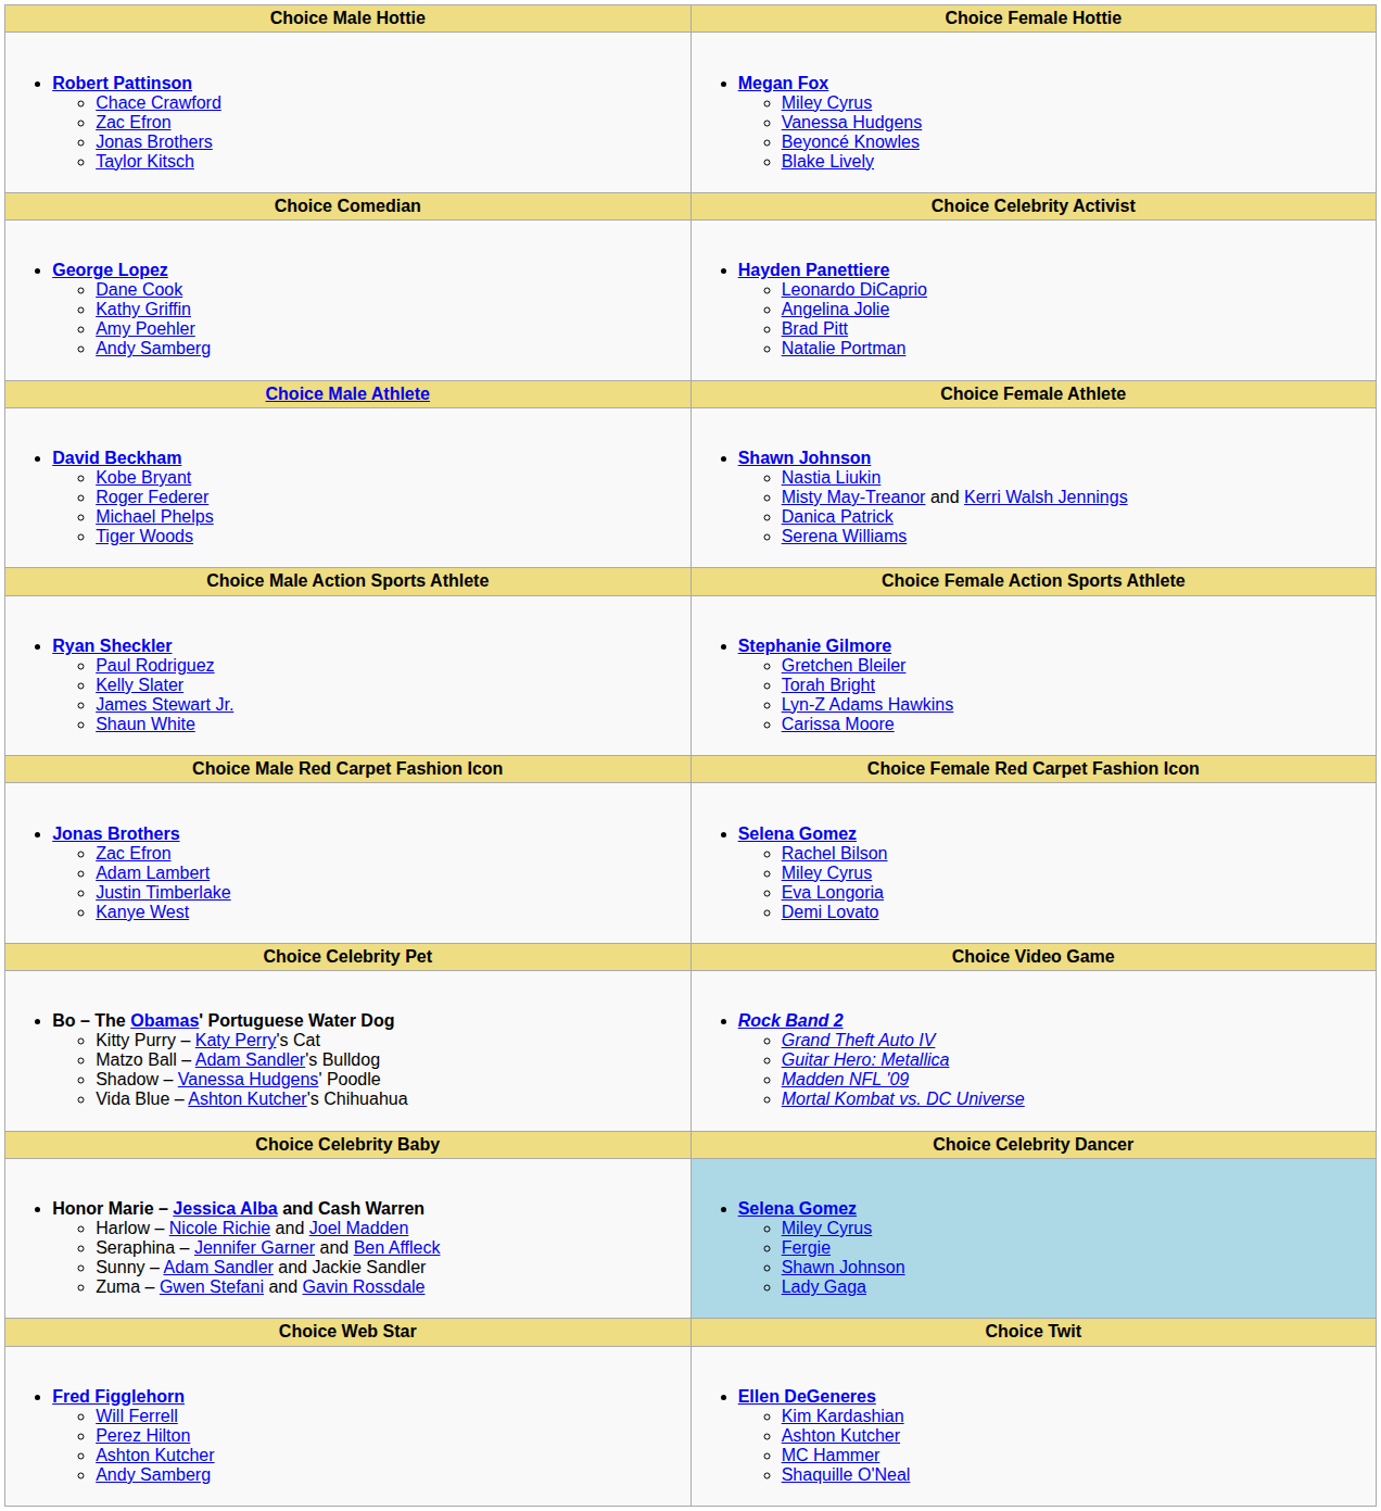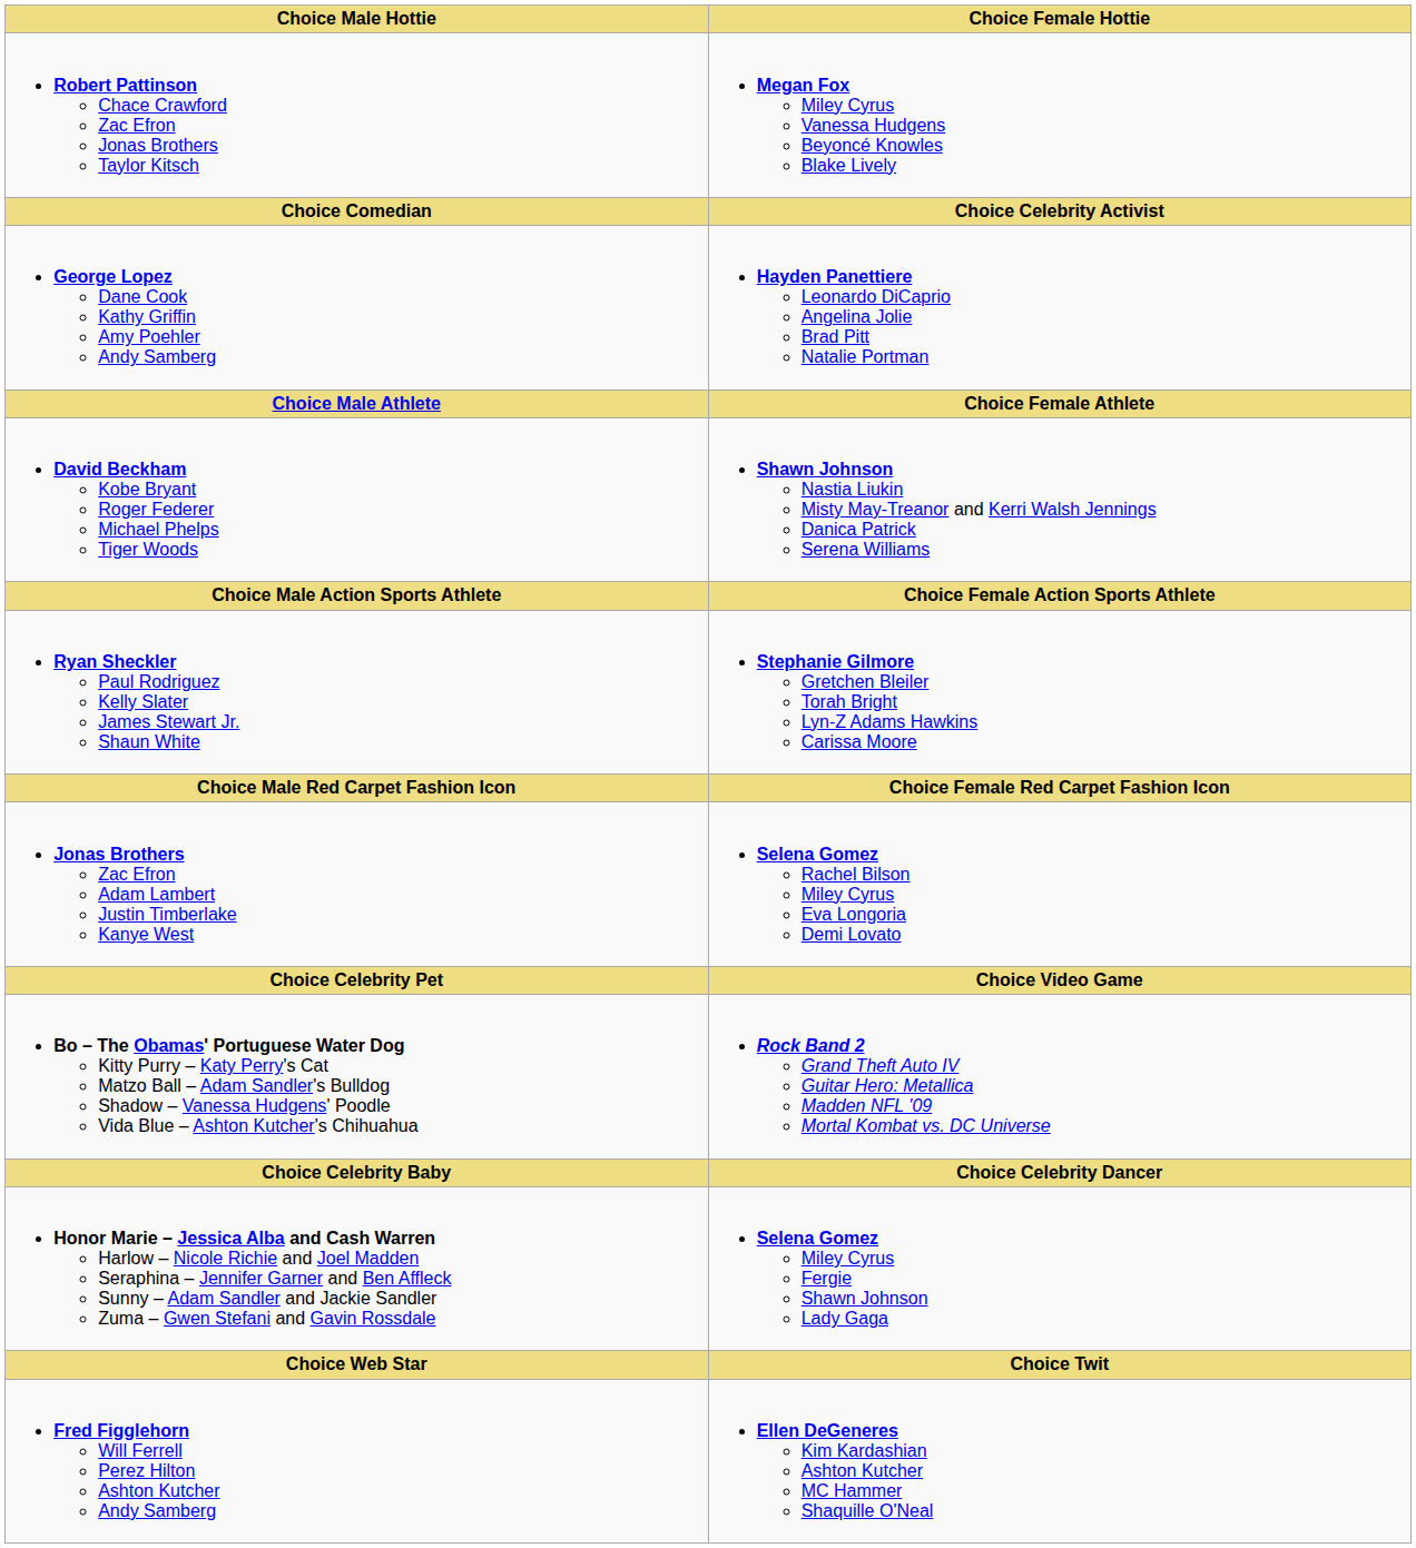 <table class="wikitable" style="width:100%">
 <tr>
 <th style="background:#EEDD82; width:50%">Choice Male Hottie</th>
 <th style="background:#EEDD82; width:50%">Choice Female Hottie</th>
 </tr>
 <tr>
 <td valign="top"><br><ul><li><strong><a href='#'>Robert Pattinson</a></strong><ul><li><a href='#'>Chace Crawford</a></li><li><a href='#'>Zac Efron</a></li><li><a href='#'>Jonas Brothers</a></li><li><a href='#'>Taylor Kitsch</a></li></ul></li></ul></td>
 <td valign="top"><br><ul><li><strong><a href='#'>Megan Fox</a></strong><ul><li><a href='#'>Miley Cyrus</a></li><li><a href='#'>Vanessa Hudgens</a></li><li><a href='#'>Beyoncé Knowles</a></li><li><a href='#'>Blake Lively</a></li></ul></li></ul></td>
 </tr>
 <tr>
 <th style="background:#EEDD82; width:50%">Choice Comedian</th>
 <th style="background:#EEDD82; width:50%">Choice Celebrity Activist</th>
 </tr>
 <tr>
 <td valign="top"><br><ul><li><strong><a href='#'>George Lopez</a></strong><ul><li><a href='#'>Dane Cook</a></li><li><a href='#'>Kathy Griffin</a></li><li><a href='#'>Amy Poehler</a></li><li><a href='#'>Andy Samberg</a></li></ul></li></ul></td>
 <td valign="top"><br><ul><li><strong><a href='#'>Hayden Panettiere</a></strong><ul><li><a href='#'>Leonardo DiCaprio</a></li><li><a href='#'>Angelina Jolie</a></li><li><a href='#'>Brad Pitt</a></li><li><a href='#'>Natalie Portman</a></li></ul></li></ul></td>
 </tr>
 <tr>
 <th style="background:#EEDD82; width:50%"><a href='#'>Choice Male Athlete</a></th>
 <th style="background:#EEDD82; width:50%">Choice Female Athlete</th>
 </tr>
 <tr>
 <td valign="top"><br><ul><li><strong><a href='#'>David Beckham</a></strong><ul><li><a href='#'>Kobe Bryant</a></li><li><a href='#'>Roger Federer</a></li><li><a href='#'>Michael Phelps</a></li><li><a href='#'>Tiger Woods</a></li></ul></li></ul></td>
 <td valign="top"><br><ul><li><strong><a href='#'>Shawn Johnson</a></strong><ul><li><a href='#'>Nastia Liukin</a></li><li><a href='#'>Misty May-Treanor</a> and <a href='#'>Kerri Walsh Jennings</a></li><li><a href='#'>Danica Patrick</a></li><li><a href='#'>Serena Williams</a></li></ul></li></ul></td>
 </tr>
 <tr>
 <th style="background:#EEDD82; width:50%">Choice Male Action Sports Athlete</th>
 <th style="background:#EEDD82; width:50%">Choice Female Action Sports Athlete</th>
 </tr>
 <tr>
 <td valign="top"><br><ul><li><strong><a href='#'>Ryan Sheckler</a></strong><ul><li><a href='#'>Paul Rodriguez</a></li><li><a href='#'>Kelly Slater</a></li><li><a href='#'>James Stewart Jr.</a></li><li><a href='#'>Shaun White</a></li></ul></li></ul></td>
 <td valign="top"><br><ul><li><strong><a href='#'>Stephanie Gilmore</a></strong><ul><li><a href='#'>Gretchen Bleiler</a></li><li><a href='#'>Torah Bright</a></li><li><a href='#'>Lyn-Z Adams Hawkins</a></li><li><a href='#'>Carissa Moore</a></li></ul></li></ul></td>
 </tr>
 <tr>
 <th style="background:#EEDD82; width:50%">Choice Male Red Carpet Fashion Icon</th>
 <th style="background:#EEDD82; width:50%">Choice Female Red Carpet Fashion Icon</th>
 </tr>
 <tr>
 <td valign="top"><br><ul><li><strong><a href='#'>Jonas Brothers</a></strong><ul><li><a href='#'>Zac Efron</a></li><li><a href='#'>Adam Lambert</a></li><li><a href='#'>Justin Timberlake</a></li><li><a href='#'>Kanye West</a></li></ul></li></ul></td>
 <td valign="top"><br><ul><li><strong><a href='#'>Selena Gomez</a></strong><ul><li><a href='#'>Rachel Bilson</a></li><li><a href='#'>Miley Cyrus</a></li><li><a href='#'>Eva Longoria</a></li><li><a href='#'>Demi Lovato</a></li></ul></li></ul></td>
 </tr>
 <tr>
 <th style="background:#EEDD82; width:50%">Choice Celebrity Pet</th>
 <th style="background:#EEDD82; width:50%">Choice Video Game</th>
 </tr>
 <tr>
 <td valign="top"><br><ul><li><strong>Bo – The <a href='#'>Obamas</a>' Portuguese Water Dog</strong><ul><li>Kitty Purry – <a href='#'>Katy Perry</a>'s Cat</li><li>Matzo Ball – <a href='#'>Adam Sandler</a>'s Bulldog</li><li>Shadow – <a href='#'>Vanessa Hudgens</a>' Poodle</li><li>Vida Blue – <a href='#'>Ashton Kutcher</a>'s Chihuahua</li></ul></li></ul></td>
 <td valign="top"><br><ul><li><strong><em><a href='#'>Rock Band 2</a></em></strong><ul><li><em><a href='#'>Grand Theft Auto IV</a></em></li><li><em><a href='#'>Guitar Hero: Metallica</a></em></li><li><em><a href='#'>Madden NFL '09</a></em></li><li><em><a href='#'>Mortal Kombat vs. DC Universe</a></em></li></ul></li></ul></td>
 </tr>
 <tr>
 <th style="background:#EEDD82; width:50%">Choice Celebrity Baby</th>
 <th style="background:#EEDD82; width:50%">Choice Celebrity Dancer</th>
 </tr>
 <tr>
 <td valign="top"><br><ul><li><strong>Honor Marie – <a href='#'>Jessica Alba</a> and Cash Warren</strong><ul><li>Harlow – <a href='#'>Nicole Richie</a> and <a href='#'>Joel Madden</a></li><li>Seraphina – <a href='#'>Jennifer Garner</a> and <a href='#'>Ben Affleck</a></li><li>Sunny – <a href='#'>Adam Sandler</a> and Jackie Sandler</li><li>Zuma – <a href='#'>Gwen Stefani</a> and <a href='#'>Gavin Rossdale</a></li></ul></li></ul></td>
-<td valign="top" style="background: lightblue;"><br><ul><li><strong><a href='#'>Selena Gomez</a></strong><ul><li><a href='#'>Miley Cyrus</a></li><li><a href='#'>Fergie</a></li><li><a href='#'>Shawn Johnson</a></li><li><a href='#'>Lady Gaga</a></li></ul></li></ul></td>
+<td valign="top"><br><ul><li><strong><a href='#'>Selena Gomez</a></strong><ul><li><a href='#'>Miley Cyrus</a></li><li><a href='#'>Fergie</a></li><li><a href='#'>Shawn Johnson</a></li><li><a href='#'>Lady Gaga</a></li></ul></li></ul></td>
 </tr>
 <tr>
 <th style="background:#EEDD82; width:50%">Choice Web Star</th>
 <th style="background:#EEDD82; width:50%">Choice Twit</th>
 </tr>
 <tr>
 <td valign="top"><br><ul><li><strong><a href='#'>Fred Figglehorn</a></strong><ul><li><a href='#'>Will Ferrell</a></li><li><a href='#'>Perez Hilton</a></li><li><a href='#'>Ashton Kutcher</a></li><li><a href='#'>Andy Samberg</a></li></ul></li></ul></td>
 <td valign="top"><br><ul><li><strong><a href='#'>Ellen DeGeneres</a></strong><ul><li><a href='#'>Kim Kardashian</a></li><li><a href='#'>Ashton Kutcher</a></li><li><a href='#'>MC Hammer</a></li><li><a href='#'>Shaquille O'Neal</a></li></ul></li></ul></td>
 </tr>
 </table>
